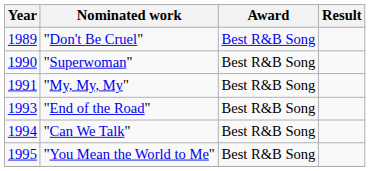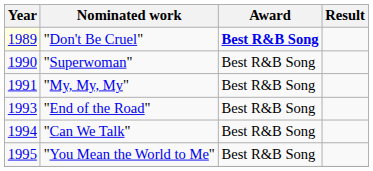 <table class="wikitable">
 <tr>
 <th>Year</th>
 <th>Nominated work</th>
 <th>Award</th>
 <th>Result</th>
 </tr>
 <tr>
-<td align=center><a href='#'>1989</a></td>
+<td align=center style="background: lightyellow;"><a href='#'>1989</a></td>
 <td>"<a href='#'>Don't Be Cruel</a>"</td>
-<td><a href='#'>Best R&B Song</a></td>
+<td><strong><a href='#'>Best R&B Song</a></strong></td>
 <td></td>
 </tr>
 <tr>
 <td align=center><a href='#'>1990</a></td>
 <td>"<a href='#'>Superwoman</a>"</td>
 <td>Best R&B Song</td>
 <td></td>
 </tr>
 <tr>
 <td align=center><a href='#'>1991</a></td>
 <td>"<a href='#'>My, My, My</a>"</td>
 <td>Best R&B Song</td>
 <td></td>
 </tr>
 <tr>
 <td align=center><a href='#'>1993</a></td>
 <td>"<a href='#'>End of the Road</a>"</td>
 <td>Best R&B Song</td>
 <td></td>
 </tr>
 <tr>
 <td align=center><a href='#'>1994</a></td>
 <td>"<a href='#'>Can We Talk</a>"</td>
 <td>Best R&B Song</td>
 <td></td>
 </tr>
 <tr>
 <td align=center><a href='#'>1995</a></td>
 <td>"<a href='#'>You Mean the World to Me</a>"</td>
 <td>Best R&B Song</td>
 <td></td>
 </tr>
 <tr>
 </tr>
 </table>
